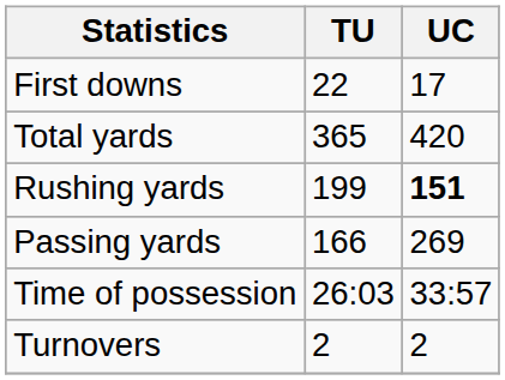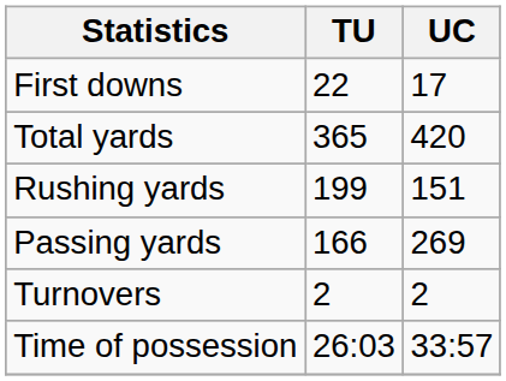 <table class="wikitable" style="float: left;">
 <tr>
 <th>Statistics</th>
 <th>TU</th>
 <th>UC</th>
 </tr>
 <tr>
 <td>First downs</td>
 <td>22</td>
 <td>17</td>
 </tr>
 <tr>
 <td>Total yards</td>
 <td>365</td>
 <td>420</td>
 </tr>
 <tr>
 <td>Rushing yards</td>
 <td>199</td>
-<td><strong>151</strong></td>
+<td>151</td>
 </tr>
 <tr>
 <td>Passing yards</td>
 <td>166</td>
 <td>269</td>
 </tr>
 <tr>
+<td>Turnovers</td>
+<td>2</td>
+<td>2</td>
+</tr>
+<tr>
 <td>Time of possession</td>
 <td>26:03</td>
 <td>33:57</td>
 </tr>
 <tr>
-<td>Turnovers</td>
-<td>2</td>
-<td>2</td>
-</tr>
-<tr>
 </tr>
 </table>
